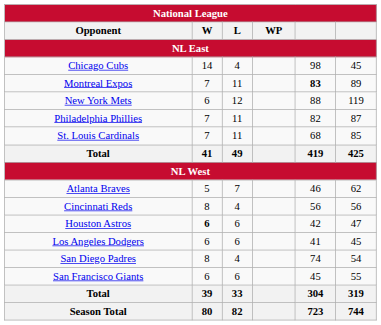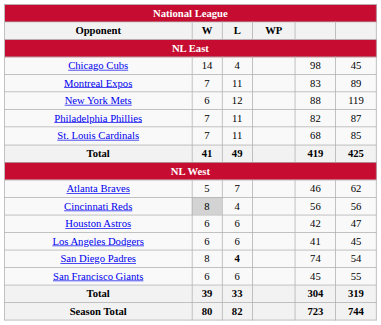 <table class="wikitable" style="font-size:95%; text-align:center; width:35em;margin: 0.5em auto;">
 <tr>
 <td colspan="7" style="background:#c60c30;color:#fff"><strong>National League</strong></td>
 </tr>
 <tr>
 <th>Opponent</th>
 <th>W</th>
 <th>L</th>
 <th>WP</th>
 <th></th>
 <th></th>
 </tr>
 <tr>
 <td colspan="7" style="background:#c60c30;color:#fff"><strong>NL East</strong></td>
 </tr>
 <tr>
 <td><a href='#'>Chicago Cubs</a></td>
 <td>14</td>
 <td>4</td>
 <td></td>
 <td>98</td>
 <td>45</td>
 </tr>
 <tr>
 <td><a href='#'>Montreal Expos</a></td>
 <td>7</td>
 <td>11</td>
 <td></td>
-<td><strong>83</strong></td>
+<td>83</td>
 <td>89</td>
 </tr>
 <tr>
 <td><a href='#'>New York Mets</a></td>
 <td>6</td>
 <td>12</td>
 <td></td>
 <td>88</td>
 <td>119</td>
 </tr>
 <tr>
 <td><a href='#'>Philadelphia Phillies</a></td>
 <td>7</td>
 <td>11</td>
 <td></td>
 <td>82</td>
 <td>87</td>
 </tr>
 <tr>
 <td><a href='#'>St. Louis Cardinals</a></td>
 <td>7</td>
 <td>11</td>
 <td></td>
 <td>68</td>
 <td>85</td>
 </tr>
 <tr>
 <th>Total</th>
 <th>41</th>
 <th>49</th>
 <th></th>
 <th>419</th>
 <th>425</th>
 </tr>
 <tr>
 <td colspan="7" style="background:#c60c30;color:#fff"><strong>NL West</strong></td>
 </tr>
 <tr>
 <td><a href='#'>Atlanta Braves</a></td>
 <td>5</td>
 <td>7</td>
 <td></td>
 <td>46</td>
 <td>62</td>
 </tr>
 <tr>
 <td><a href='#'>Cincinnati Reds</a></td>
-<td>8</td>
+<td style="background: lightgrey;">8</td>
 <td>4</td>
 <td></td>
 <td>56</td>
 <td>56</td>
 </tr>
 <tr>
 <td><a href='#'>Houston Astros</a></td>
-<td><strong>6</strong></td>
+<td>6</td>
 <td>6</td>
 <td></td>
 <td>42</td>
 <td>47</td>
 </tr>
 <tr>
 <td><a href='#'>Los Angeles Dodgers</a></td>
 <td>6</td>
 <td>6</td>
 <td></td>
 <td>41</td>
 <td>45</td>
 </tr>
 <tr>
 <td><a href='#'>San Diego Padres</a></td>
 <td>8</td>
-<td>4</td>
+<td><strong>4</strong></td>
 <td></td>
 <td>74</td>
 <td>54</td>
 </tr>
 <tr>
 <td><a href='#'>San Francisco Giants</a></td>
 <td>6</td>
 <td>6</td>
 <td></td>
 <td>45</td>
 <td>55</td>
 </tr>
 <tr>
 <th>Total</th>
 <th>39</th>
 <th>33</th>
 <th></th>
 <th>304</th>
 <th>319</th>
 </tr>
 <tr>
 <th>Season Total</th>
 <th>80</th>
 <th>82</th>
 <th></th>
 <th>723</th>
 <th>744</th>
 </tr>
 </table>
